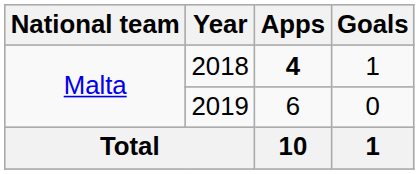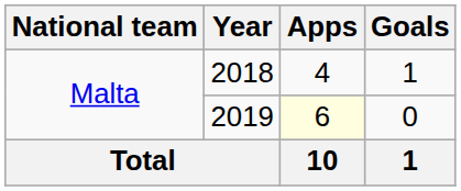 <table class="wikitable" style="text-align:center">
 <tr>
 <th>National team</th>
 <th>Year</th>
 <th>Apps</th>
 <th>Goals</th>
 </tr>
 <tr>
 <td rowspan="2"><a href='#'>Malta</a></td>
 <td>2018</td>
-<td><strong>4</strong></td>
+<td>4</td>
 <td>1</td>
 </tr>
 <tr>
 <td>2019</td>
-<td>6</td>
+<td style="background: lightyellow;">6</td>
 <td>0</td>
 </tr>
 <tr>
 <th colspan="2">Total</th>
 <th>10</th>
 <th>1</th>
 </tr>
 </table>
